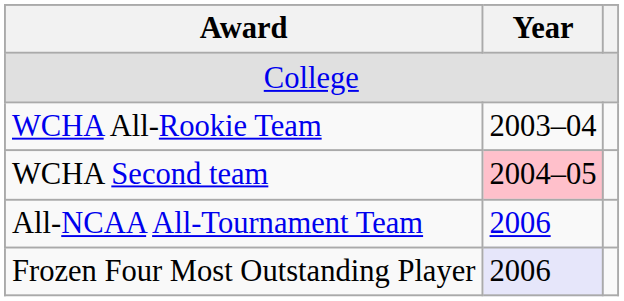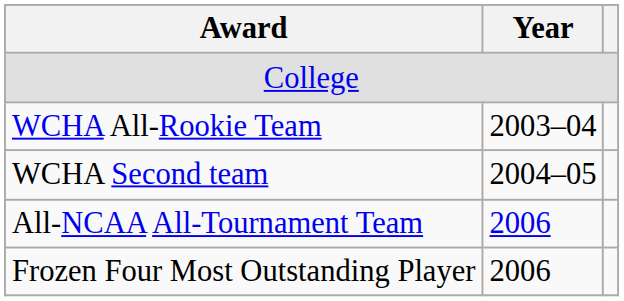 <table class="wikitable">
 <tr>
 <th>Award</th>
 <th>Year</th>
 <th></th>
 </tr>
 <tr ALIGN="center" bgcolor="#e0e0e0">
 <td colspan="3"><a href='#'>College</a></td>
 </tr>
 <tr>
 <td><a href='#'>WCHA</a> All-<a href='#'>Rookie Team</a></td>
 <td>2003–04</td>
 <td></td>
 </tr>
 <tr>
 <td>WCHA <a href='#'>Second team</a></td>
-<td style="background: pink;">2004–05</td>
+<td>2004–05</td>
 <td></td>
 </tr>
 <tr>
 <td>All-<a href='#'>NCAA</a> <a href='#'>All-Tournament Team</a></td>
 <td><a href='#'>2006</a></td>
 <td></td>
 </tr>
 <tr>
 <td>Frozen Four Most Outstanding Player</td>
-<td style="background: lavender;">2006</td>
+<td>2006</td>
 <td></td>
 </tr>
 </table>
